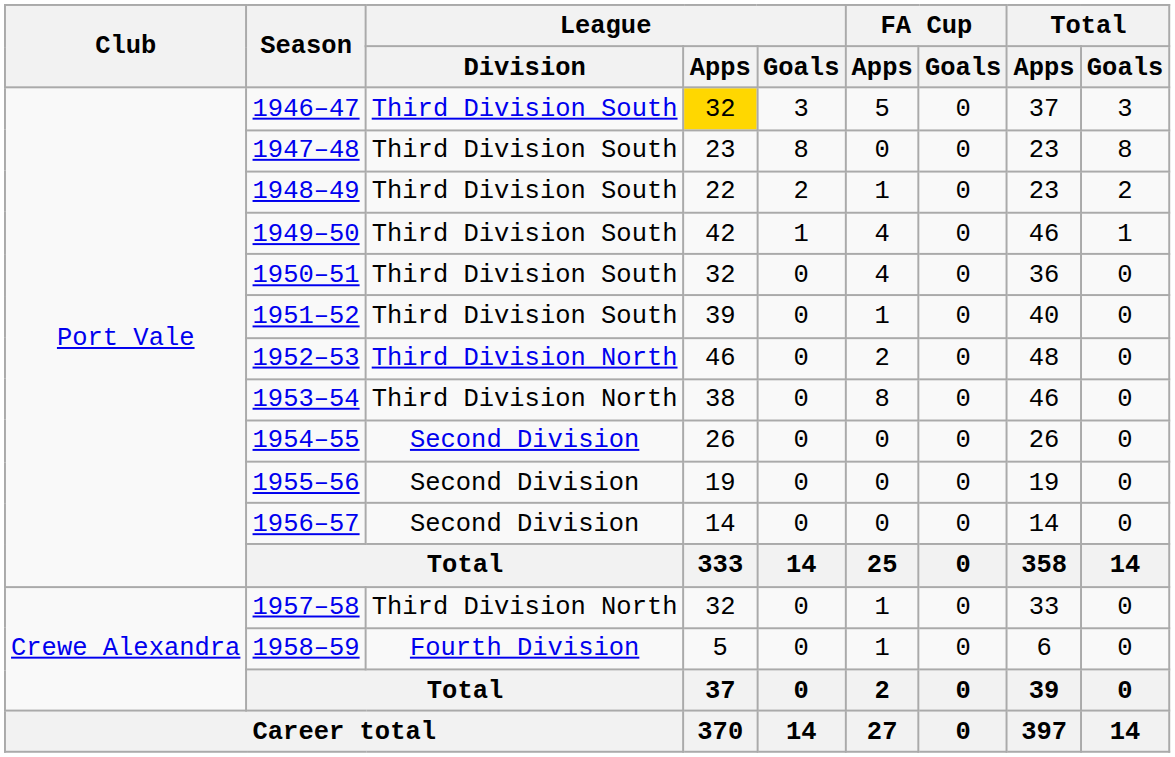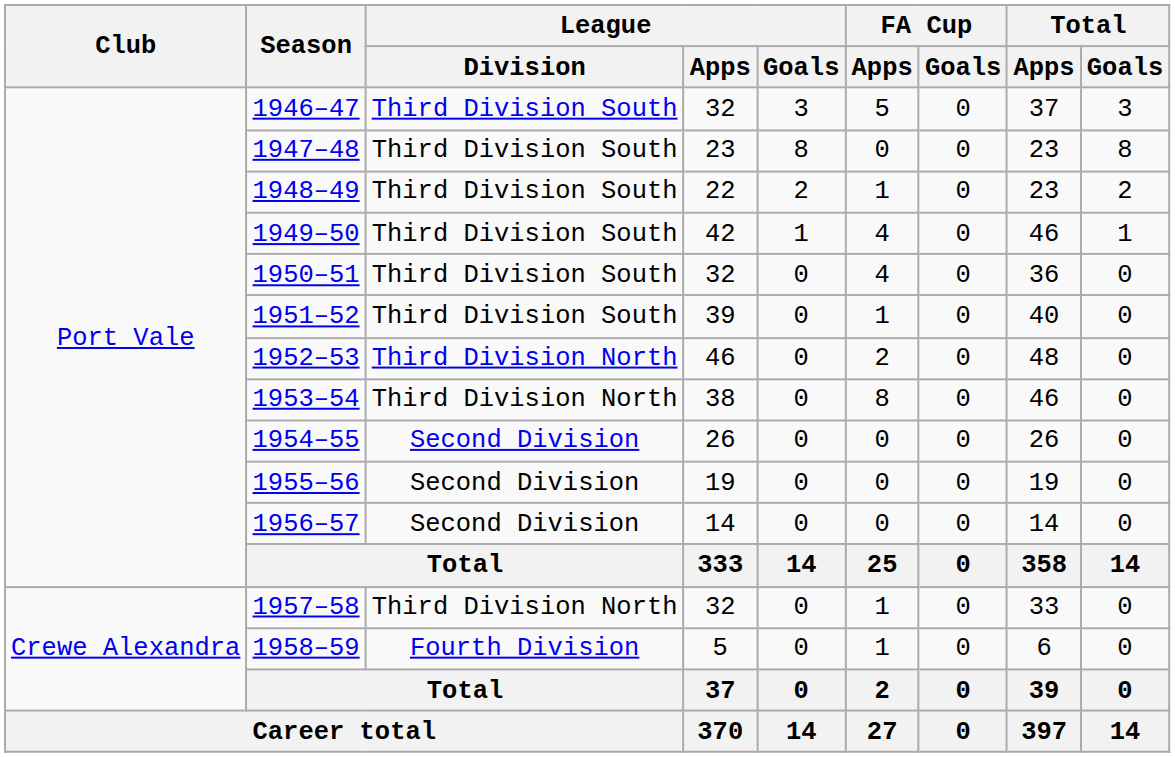 <table class="wikitable" style="text-align: center;">
 <tr>
 <th rowspan="2">Club</th>
 <th rowspan="2">Season</th>
 <th colspan="3">League</th>
 <th colspan="2">FA Cup</th>
 <th colspan="2">Total</th>
 </tr>
 <tr>
 <th>Division</th>
 <th>Apps</th>
 <th>Goals</th>
 <th>Apps</th>
 <th>Goals</th>
 <th>Apps</th>
 <th>Goals</th>
 </tr>
 <tr>
 <td rowspan="12"><a href='#'>Port Vale</a></td>
 <td><a href='#'>1946–47</a></td>
 <td><a href='#'>Third Division South</a></td>
-<td style="background: gold;">32</td>
+<td>32</td>
 <td>3</td>
 <td>5</td>
 <td>0</td>
 <td>37</td>
 <td>3</td>
 </tr>
 <tr>
 <td><a href='#'>1947–48</a></td>
 <td>Third Division South</td>
 <td>23</td>
 <td>8</td>
 <td>0</td>
 <td>0</td>
 <td>23</td>
 <td>8</td>
 </tr>
 <tr>
 <td><a href='#'>1948–49</a></td>
 <td>Third Division South</td>
 <td>22</td>
 <td>2</td>
 <td>1</td>
 <td>0</td>
 <td>23</td>
 <td>2</td>
 </tr>
 <tr>
 <td><a href='#'>1949–50</a></td>
 <td>Third Division South</td>
 <td>42</td>
 <td>1</td>
 <td>4</td>
 <td>0</td>
 <td>46</td>
 <td>1</td>
 </tr>
 <tr>
 <td><a href='#'>1950–51</a></td>
 <td>Third Division South</td>
 <td>32</td>
 <td>0</td>
 <td>4</td>
 <td>0</td>
 <td>36</td>
 <td>0</td>
 </tr>
 <tr>
 <td><a href='#'>1951–52</a></td>
 <td>Third Division South</td>
 <td>39</td>
 <td>0</td>
 <td>1</td>
 <td>0</td>
 <td>40</td>
 <td>0</td>
 </tr>
 <tr>
 <td><a href='#'>1952–53</a></td>
 <td><a href='#'>Third Division North</a></td>
 <td>46</td>
 <td>0</td>
 <td>2</td>
 <td>0</td>
 <td>48</td>
 <td>0</td>
 </tr>
 <tr>
 <td><a href='#'>1953–54</a></td>
 <td>Third Division North</td>
 <td>38</td>
 <td>0</td>
 <td>8</td>
 <td>0</td>
 <td>46</td>
 <td>0</td>
 </tr>
 <tr>
 <td><a href='#'>1954–55</a></td>
 <td><a href='#'>Second Division</a></td>
 <td>26</td>
 <td>0</td>
 <td>0</td>
 <td>0</td>
 <td>26</td>
 <td>0</td>
 </tr>
 <tr>
 <td><a href='#'>1955–56</a></td>
 <td>Second Division</td>
 <td>19</td>
 <td>0</td>
 <td>0</td>
 <td>0</td>
 <td>19</td>
 <td>0</td>
 </tr>
 <tr>
 <td><a href='#'>1956–57</a></td>
 <td>Second Division</td>
 <td>14</td>
 <td>0</td>
 <td>0</td>
 <td>0</td>
 <td>14</td>
 <td>0</td>
 </tr>
 <tr>
 <th colspan="2">Total</th>
 <th>333</th>
 <th>14</th>
 <th>25</th>
 <th>0</th>
 <th>358</th>
 <th>14</th>
 </tr>
 <tr>
 <td rowspan="3"><a href='#'>Crewe Alexandra</a></td>
 <td><a href='#'>1957–58</a></td>
 <td>Third Division North</td>
 <td>32</td>
 <td>0</td>
 <td>1</td>
 <td>0</td>
 <td>33</td>
 <td>0</td>
 </tr>
 <tr>
 <td><a href='#'>1958–59</a></td>
 <td><a href='#'>Fourth Division</a></td>
 <td>5</td>
 <td>0</td>
 <td>1</td>
 <td>0</td>
 <td>6</td>
 <td>0</td>
 </tr>
 <tr>
 <th colspan="2">Total</th>
 <th>37</th>
 <th>0</th>
 <th>2</th>
 <th>0</th>
 <th>39</th>
 <th>0</th>
 </tr>
 <tr>
 <th colspan="3">Career total</th>
 <th>370</th>
 <th>14</th>
 <th>27</th>
 <th>0</th>
 <th>397</th>
 <th>14</th>
 </tr>
 </table>
